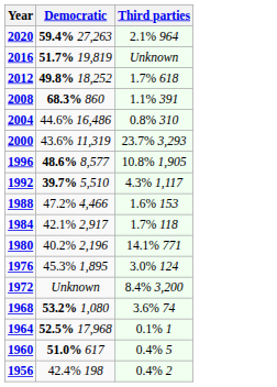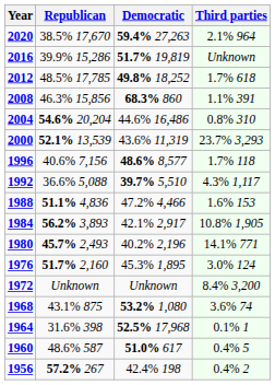 <table class="wikitable" align="center" style="thumb:left; margin: 1em 1em 1em 0; font-size: 95%;">
 <tr>
 <th>Year</th>
+<th><a href='#'>Republican</a></th>
 <th><a href='#'>Democratic</a></th>
 <th><a href='#'>Third parties</a></th>
 </tr>
 <tr>
 <td style="text-align:center;" ><strong><a href='#'>2020</a></strong></td>
+<td style="text-align:center;" >38.5% <em>17,670</em></td>
 <td style="text-align:center;" ><strong>59.4%</strong> <em>27,263</em></td>
 <td style="text-align:center; background:honeyDew;">2.1% <em>964</em></td>
 </tr>
 <tr>
 <td style="text-align:center;" ><strong><a href='#'>2016</a></strong></td>
+<td style="text-align:center;" >39.9% <em>15,286</em></td>
 <td style="text-align:center;" ><strong>51.7%</strong> <em>19,819</em></td>
 <td style="text-align:center; background:honeyDew;"><em>Unknown</em></td>
 </tr>
 <tr>
 <td style="text-align:center;" ><strong><a href='#'>2012</a></strong></td>
+<td style="text-align:center;" >48.5% <em>17,785</em></td>
 <td style="text-align:center;" ><strong>49.8%</strong> <em>18,252</em></td>
 <td style="text-align:center; background:honeyDew;">1.7% <em>618</em></td>
 </tr>
 <tr>
 <td style="text-align:center;" ><strong><a href='#'>2008</a></strong></td>
+<td style="text-align:center;" >46.3% <em>15,856</em></td>
 <td style="text-align:center;" ><strong>68.3%</strong> <em>860</em></td>
 <td style="text-align:center; background:honeyDew;">1.1% <em>391</em></td>
 </tr>
 <tr>
 <td style="text-align:center;" ><strong><a href='#'>2004</a></strong></td>
+<td style="text-align:center;" ><strong>54.6%</strong> <em>20,204</em></td>
 <td style="text-align:center;" >44.6% <em>16,486</em></td>
 <td style="text-align:center; background:honeyDew;">0.8% <em>310</em></td>
 </tr>
 <tr>
 <td style="text-align:center;" ><strong><a href='#'>2000</a></strong></td>
+<td style="text-align:center;" ><strong>52.1%</strong> <em>13,539</em></td>
 <td style="text-align:center;" >43.6% <em>11,319</em></td>
 <td style="text-align:center; background:honeyDew;">23.7% <em>3,293</em></td>
 </tr>
 <tr>
 <td style="text-align:center;" ><strong><a href='#'>1996</a></strong></td>
+<td style="text-align:center;" >40.6% <em>7,156</em></td>
 <td style="text-align:center;" ><strong>48.6%</strong> <em>8,577</em></td>
-<td style="text-align:center; background:honeyDew;">10.8% <em>1,905</em></td>
+<td style="text-align:center; background:honeyDew;">1.7% <em>118</em></td>
 </tr>
 <tr>
 <td style="text-align:center;" ><strong><a href='#'>1992</a></strong></td>
+<td style="text-align:center;" >36.6% <em>5,088</em></td>
 <td style="text-align:center;" ><strong>39.7%</strong> <em>5,510</em></td>
 <td style="text-align:center; background:honeyDew;">4.3% <em>1,117</em></td>
 </tr>
 <tr>
 <td style="text-align:center;" ><strong><a href='#'>1988</a></strong></td>
+<td style="text-align:center;" ><strong>51.1%</strong> <em>4,836</em></td>
 <td style="text-align:center;" >47.2% <em>4,466</em></td>
 <td style="text-align:center; background:honeyDew;">1.6% <em>153</em></td>
 </tr>
 <tr>
 <td style="text-align:center;" ><strong><a href='#'>1984</a></strong></td>
+<td style="text-align:center;" ><strong>56.2%</strong> <em>3,893</em></td>
 <td style="text-align:center;" >42.1% <em>2,917</em></td>
-<td style="text-align:center; background:honeyDew;">1.7% <em>118</em></td>
+<td style="text-align:center; background:honeyDew;">10.8% <em>1,905</em></td>
 </tr>
 <tr>
 <td style="text-align:center;" ><strong><a href='#'>1980</a></strong></td>
+<td style="text-align:center;" ><strong>45.7%</strong> <em>2,493</em></td>
 <td style="text-align:center;" >40.2% <em>2,196</em></td>
 <td style="text-align:center; background:honeyDew;">14.1% <em>771</em></td>
 </tr>
 <tr>
 <td style="text-align:center;" ><strong><a href='#'>1976</a></strong></td>
+<td style="text-align:center;" ><strong>51.7%</strong> <em>2,160</em></td>
 <td style="text-align:center;" >45.3% <em>1,895</em></td>
 <td style="text-align:center; background:honeyDew;">3.0% <em>124</em></td>
 </tr>
 <tr>
 <td style="text-align:center;"><strong><a href='#'>1972</a></strong></td>
 <td style="text-align:center;" ><em>Unknown</em></td>
+<td style="text-align:center;" ><em>Unknown</em></td>
 <td style="text-align:center; background:honeyDew;">8.4% <em>3,200</em></td>
 </tr>
 <tr>
 <td style="text-align:center;" ><strong><a href='#'>1968</a></strong></td>
+<td style="text-align:center;" >43.1% <em>875</em></td>
 <td style="text-align:center;" ><strong>53.2%</strong> <em>1,080</em></td>
 <td style="text-align:center; background:honeyDew;">3.6% <em>74</em></td>
 </tr>
 <tr>
 <td style="text-align:center;" ><strong><a href='#'>1964</a></strong></td>
+<td style="text-align:center;" >31.6% <em>398</em></td>
 <td style="text-align:center;" ><strong>52.5%</strong> <em>17,968</em></td>
 <td style="text-align:center; background:honeyDew;">0.1% <em>1</em></td>
 </tr>
 <tr>
 <td style="text-align:center;" ><strong><a href='#'>1960</a></strong></td>
+<td style="text-align:center;" >48.6% <em>587</em></td>
 <td style="text-align:center;" ><strong>51.0%</strong> <em>617</em></td>
 <td style="text-align:center; background:honeyDew;">0.4% <em>5</em></td>
 </tr>
 <tr>
 <td style="text-align:center;" ><strong><a href='#'>1956</a></strong></td>
+<td style="text-align:center;" ><strong>57.2%</strong> <em>267</em></td>
 <td style="text-align:center;" >42.4% <em>198</em></td>
 <td style="text-align:center; background:honeyDew;">0.4% <em>2</em></td>
 </tr>
 </table>
